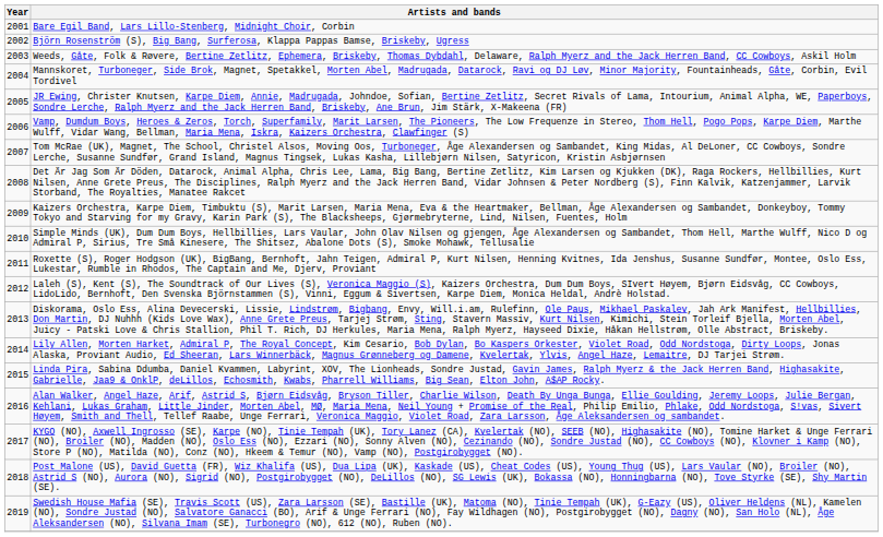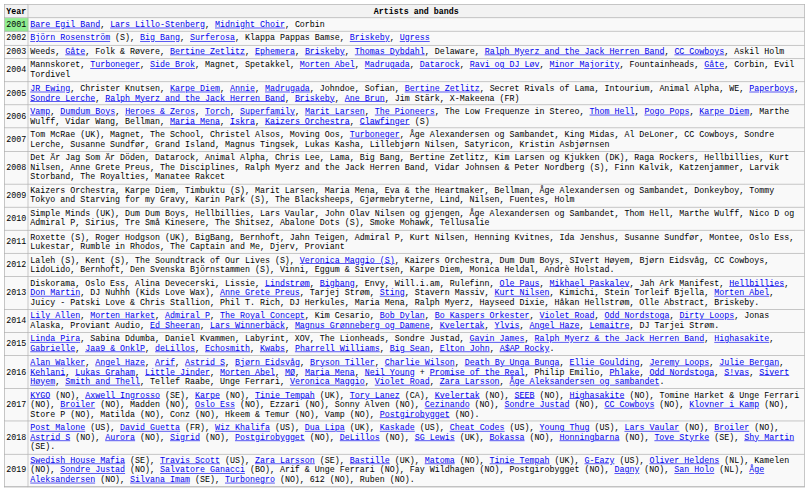 <table class="wikitable">
 <tr>
 <th>Year</th>
 <th>Artists and bands</th>
 </tr>
 <tr>
-<td>2001</td>
+<td style="background: lightgreen;">2001</td>
 <td><a href='#'>Bare Egil Band</a>, <a href='#'>Lars Lillo-Stenberg</a>, <a href='#'>Midnight Choir</a>, Corbin</td>
 </tr>
 <tr>
 <td>2002</td>
 <td><a href='#'>Björn Rosenström</a> (S), <a href='#'>Big Bang</a>, <a href='#'>Surferosa</a>, Klappa Pappas Bamse, <a href='#'>Briskeby</a>, <a href='#'>Ugress</a></td>
 </tr>
 <tr>
 <td>2003</td>
 <td>Weeds, <a href='#'>Gåte</a>, Folk & Røvere, <a href='#'>Bertine Zetlitz</a>, <a href='#'>Ephemera</a>, <a href='#'>Briskeby</a>, <a href='#'>Thomas Dybdahl</a>, Delaware, <a href='#'>Ralph Myerz and the Jack Herren Band</a>, <a href='#'>CC Cowboys</a>, Askil Holm</td>
 </tr>
 <tr>
 <td>2004</td>
 <td>Mannskoret, <a href='#'>Turboneger</a>, <a href='#'>Side Brok</a>, Magnet, Spetakkel, <a href='#'>Morten Abel</a>, <a href='#'>Madrugada</a>, <a href='#'>Datarock</a>, <a href='#'>Ravi og DJ Løv</a>, <a href='#'>Minor Majority</a>, Fountainheads, <a href='#'>Gåte</a>, Corbin, Evil Tordivel</td>
 </tr>
 <tr>
 <td>2005</td>
 <td><a href='#'>JR Ewing</a>, Christer Knutsen, <a href='#'>Karpe Diem</a>, <a href='#'>Annie</a>, <a href='#'>Madrugada</a>, Johndoe, Sofian, <a href='#'>Bertine Zetlitz</a>, Secret Rivals of Lama, Intourium, Animal Alpha, WE, <a href='#'>Paperboys</a>, <a href='#'>Sondre Lerche</a>, <a href='#'>Ralph Myerz and the Jack Herren Band</a>, <a href='#'>Briskeby</a>, <a href='#'>Ane Brun</a>, Jim Stärk, X-Makeena (FR)</td>
 </tr>
 <tr>
 <td>2006</td>
 <td><a href='#'>Vamp</a>, <a href='#'>Dumdum Boys</a>, <a href='#'>Heroes & Zeros</a>, <a href='#'>Torch</a>, <a href='#'>Superfamily</a>, <a href='#'>Marit Larsen</a>, <a href='#'>The Pioneers</a>, The Low Frequenze in Stereo, <a href='#'>Thom Hell</a>, <a href='#'>Pogo Pops</a>, <a href='#'>Karpe Diem</a>, Marthe Wulff, Vidar Wang, Bellman, <a href='#'>Maria Mena</a>, <a href='#'>Iskra</a>, <a href='#'>Kaizers Orchestra</a>, <a href='#'>Clawfinger</a> (S)</td>
 </tr>
 <tr>
 <td>2007</td>
 <td>Tom McRae (UK), Magnet, The School, Christel Alsos, Moving Oos, <a href='#'>Turboneger</a>, Åge Alexandersen og Sambandet, King Midas, Al DeLoner, CC Cowboys, Sondre Lerche, Susanne Sundfør, Grand Island, Magnus Tingsek, Lukas Kasha, Lillebjørn Nilsen, Satyricon, Kristin Asbjørnsen</td>
 </tr>
 <tr>
 <td>2008</td>
 <td>Det Är Jag Som Är Döden, Datarock, Animal Alpha, Chris Lee, Lama, Big Bang, Bertine Zetlitz, Kim Larsen og Kjukken (DK), Raga Rockers, Hellbillies, Kurt Nilsen, Anne Grete Preus, The Disciplines, Ralph Myerz and the Jack Herren Band, Vidar Johnsen & Peter Nordberg (S), Finn Kalvik, Katzenjammer, Larvik Storband, The Royalties, Manatee Rakcet</td>
 </tr>
 <tr>
 <td>2009</td>
 <td>Kaizers Orchestra, Karpe Diem, Timbuktu (S), Marit Larsen, Maria Mena, Eva & the Heartmaker, Bellman, Åge Alexandersen og Sambandet, Donkeyboy, Tommy Tokyo and Starving for my Gravy, Karin Park (S), The Blacksheeps, Gjørmebryterne, Lind, Nilsen, Fuentes, Holm</td>
 </tr>
 <tr>
 <td>2010</td>
 <td>Simple Minds (UK), Dum Dum Boys, Hellbillies, Lars Vaular, John Olav Nilsen og gjengen, Åge Alexandersen og Sambandet, Thom Hell, Marthe Wulff, Nico D og Admiral P, Sirius, Tre Små Kinesere, The Shitsez, Abalone Dots (S), Smoke Mohawk, Tellusalie</td>
 </tr>
 <tr>
 <td>2011</td>
 <td>Roxette (S), Roger Hodgson (UK), BigBang, Bernhoft, Jahn Teigen, Admiral P, Kurt Nilsen, Henning Kvitnes, Ida Jenshus, Susanne Sundfør, Montee, Oslo Ess, Lukestar, Rumble in Rhodos, The Captain and Me, Djerv, Proviant</td>
 </tr>
 <tr>
 <td>2012</td>
 <td>Laleh (S), Kent (S), The Soundtrack of Our Lives (S), <a href='#'>Veronica Maggio (S)</a>, Kaizers Orchestra, Dum Dum Boys, SIvert Høyem, Bjørn Eidsvåg, CC Cowboys, LidoLido, Bernhoft, Den Svenska Björnstammen (S), Vinni, Eggum & Sivertsen, Karpe Diem, Monica Heldal, Andrè Holstad.</td>
 </tr>
 <tr>
 <td>2013</td>
 <td>Diskorama, Oslo Ess, Alina Devecerski, Lissie, <a href='#'>Lindstrøm</a>, <a href='#'>Bigbang</a>, Envy, Will.i.am, Rulefinn, <a href='#'>Ole Paus</a>, <a href='#'>Mikhael Paskalev</a>, Jah Ark Manifest, <a href='#'>Hellbillies</a>, <a href='#'>Don Martin</a>, DJ Nuhhh (Kids Love Wax), <a href='#'>Anne Grete Preus</a>, Tarjej Strøm, <a href='#'>Sting</a>, Stavern Massiv, <a href='#'>Kurt Nilsen</a>, Kimichi, Stein Torleif Bjella, <a href='#'>Morten Abel</a>, Juicy - Patski Love & Chris Stallion, Phil T. Rich, DJ Herkules, Maria Mena, Ralph Myerz, Hayseed Dixie, Håkan Hellstrøm, Olle Abstract, Briskeby.</td>
 </tr>
 <tr>
 <td>2014</td>
 <td><a href='#'>Lily Allen</a>, <a href='#'>Morten Harket</a>, <a href='#'>Admiral P</a>, <a href='#'>The Royal Concept</a>, Kim Cesario, <a href='#'>Bob Dylan</a>, <a href='#'>Bo Kaspers Orkester</a>, <a href='#'>Violet Road</a>, <a href='#'>Odd Nordstoga</a>, <a href='#'>Dirty Loops</a>, Jonas Alaska, Proviant Audio, <a href='#'>Ed Sheeran</a>, <a href='#'>Lars Winnerbäck</a>, <a href='#'>Magnus Grønneberg og Damene</a>, <a href='#'>Kvelertak</a>, <a href='#'>Ylvis</a>, <a href='#'>Angel Haze</a>, <a href='#'>Lemaitre</a>, DJ Tarjei Strøm.</td>
 </tr>
 <tr>
 <td>2015</td>
 <td><a href='#'>Linda Pira</a>, Sabina Ddumba, Daniel Kvammen, Labyrint, XOV, The Lionheads, Sondre Justad, <a href='#'>Gavin James</a>, <a href='#'>Ralph Myerz & the Jack Herren Band</a>, <a href='#'>Highasakite</a>, <a href='#'>Gabrielle</a>, <a href='#'>Jaa9 & OnklP</a>, <a href='#'>deLillos</a>, <a href='#'>Echosmith</a>, <a href='#'>Kwabs</a>, <a href='#'>Pharrell Williams</a>, <a href='#'>Big Sean</a>, <a href='#'>Elton John</a>, <a href='#'>A$AP Rocky</a>.</td>
 </tr>
 <tr>
 <td>2016</td>
 <td><a href='#'>Alan Walker</a>, <a href='#'>Angel Haze</a>, <a href='#'>Arif</a>, <a href='#'>Astrid S</a>, <a href='#'>Bjørn Eidsvåg</a>, <a href='#'>Bryson Tiller</a>, <a href='#'>Charlie Wilson</a>, <a href='#'>Death By Unga Bunga</a>, <a href='#'>Ellie Goulding</a>, <a href='#'>Jeremy Loops</a>, <a href='#'>Julie Bergan</a>, <a href='#'>Kehlani</a>, <a href='#'>Lukas Graham</a>, <a href='#'>Little Jinder</a>, <a href='#'>Morten Abel</a>, <a href='#'>MØ</a>, <a href='#'>Maria Mena</a>, <a href='#'>Neil Young</a> + <a href='#'>Promise of the Real</a>, Philip Emilio, <a href='#'>Phlake</a>, <a href='#'>Odd Nordstoga</a>, <a href='#'>S!vas</a>, <a href='#'>Sivert Høyem</a>, <a href='#'>Smith and Thell</a>, Tellef Raabe, Unge Ferrari, <a href='#'>Veronica Maggio</a>, <a href='#'>Violet Road</a>, <a href='#'>Zara Larsson</a>, <a href='#'>Åge Aleksandersen og sambandet</a>.</td>
 </tr>
 <tr>
 <td>2017</td>
 <td><a href='#'>KYGO</a> (NO), <a href='#'>Axwell Ingrosso</a> (SE), <a href='#'>Karpe</a> (NO), <a href='#'>Tinie Tempah</a> (UK), <a href='#'>Tory Lanez</a> (CA), <a href='#'>Kvelertak</a> (NO), <a href='#'>SEEB</a> (NO), <a href='#'>Highasakite</a> (NO), Tomine Harket & Unge Ferrari (NO), <a href='#'>Broiler</a> (NO), Madden (NO), <a href='#'>Oslo Ess</a> (NO), Ezzari (NO), Sonny Alven (NO), <a href='#'>Cezinando</a> (NO), <a href='#'>Sondre Justad</a> (NO), <a href='#'>CC Cowboys</a> (NO), <a href='#'>Klovner i Kamp</a> (NO), Store P (NO), Matilda (NO), Conz (NO), Hkeem & Temur (NO), Vamp (NO), <a href='#'>Postgirobygget</a> (NO).   </td>
 </tr>
 <tr>
 <td>2018</td>
 <td><a href='#'>Post Malone</a> (US), <a href='#'>David Guetta</a> (FR), <a href='#'>Wiz Khalifa</a> (US), <a href='#'>Dua Lipa</a> (UK), <a href='#'>Kaskade</a> (US), <a href='#'>Cheat Codes</a> (US), <a href='#'>Young Thug</a> (US), <a href='#'>Lars Vaular</a> (NO), <a href='#'>Broiler</a> (NO), <a href='#'>Astrid S</a> (NO), <a href='#'>Aurora</a> (NO), <a href='#'>Sigrid</a> (NO), <a href='#'>Postgirobygget</a> (NO), <a href='#'>DeLillos</a> (NO), <a href='#'>SG Lewis</a> (UK), <a href='#'>Bokassa</a> (NO), <a href='#'>Honningbarna</a> (NO), <a href='#'>Tove Styrke</a> (SE), <a href='#'>Shy Martin</a> (SE).   </td>
 </tr>
 <tr>
 <td>2019</td>
 <td><a href='#'>Swedish House Mafia</a> (SE), <a href='#'>Travis Scott</a> (US), <a href='#'>Zara Larsson</a> (SE), <a href='#'>Bastille</a> (UK), <a href='#'>Matoma</a> (NO), <a href='#'>Tinie Tempah</a> (UK), <a href='#'>G-Eazy</a> (US), <a href='#'>Oliver Heldens</a> (NL), Kamelen (NO), <a href='#'>Sondre Justad</a> (NO), <a href='#'>Salvatore Ganacci</a> (BO), Arif & Unge Ferrari (NO), Fay Wildhagen (NO), Postgirobygget (NO), <a href='#'>Dagny</a> (NO), <a href='#'>San Holo</a> (NL), <a href='#'>Åge Aleksandersen</a> (NO), <a href='#'>Silvana Imam</a> (SE), <a href='#'>Turbonegro</a> (NO), 612 (NO), Ruben (NO).</td>
 </tr>
 <tr>
 </tr>
 </table>
